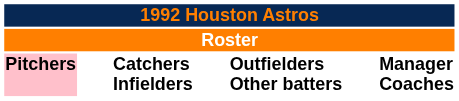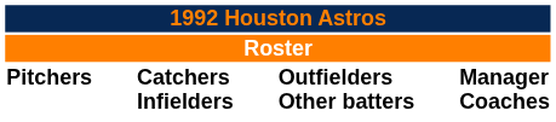 <table class="toccolours" style="text-align: left;">
 <tr>
 <th colspan="10" style="background-color: #072854; color: #FF7F00; text-align: center;">1992 Houston Astros</th>
 </tr>
 <tr>
 <td colspan="10" style="background-color: #FF7F00; color: white; text-align: center;"><strong>Roster</strong></td>
 </tr>
 <tr>
-<td valign="top" style="background: pink;"><strong>Pitchers</strong><br>               </td>
+<td valign="top"><strong>Pitchers</strong><br>               </td>
 <td width="25px"></td>
 <td valign="top"><strong>Catchers</strong><br>   <strong>Infielders</strong>         </td>
 <td width="25px"></td>
 <td valign="top"><strong>Outfielders</strong><br>         <strong>Other batters</strong> </td>
 <td width="25px"></td>
 <td valign="top"><strong>Manager</strong><br> <strong>Coaches</strong>     </td>
 </tr>
 </table>
